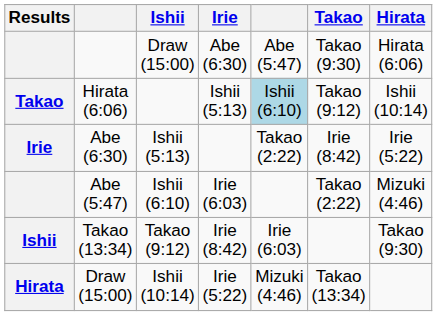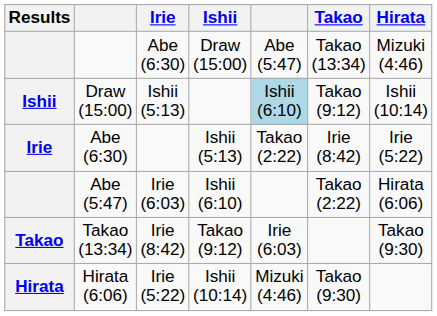 <table class="wikitable" style="text-align:center; margin: 1em auto 1em auto">
 <tr align="center">
 <th>Results</th>
 <th></th>
+<th><a href='#'>Irie</a></th>
 <th><a href='#'>Ishii</a></th>
-<th><a href='#'>Irie</a></th>
 <th></th>
 <th><a href='#'>Takao</a></th>
 <th><a href='#'>Hirata</a></th>
 </tr>
 <tr align="center">
 <th></th>
 <td></td>
+<td>Abe<br>(6:30)</td>
 <td>Draw<br>(15:00)</td>
-<td>Abe<br>(6:30)</td>
 <td>Abe<br>(5:47)</td>
-<td>Takao<br>(9:30)</td>
-<td>Hirata<br>(6:06)</td>
+<td>Takao<br>(13:34)</td>
+<td>Mizuki<br>(4:46)</td>
 </tr>
 <tr align="center">
-<th><a href='#'>Takao</a></th>
-<td>Hirata<br>(6:06)</td>
+<th><a href='#'>Ishii</a></th>
+<td>Draw<br>(15:00)</td>
+<td>Ishii<br>(5:13)</td>
 <td></td>
-<td>Ishii<br>(5:13)</td>
 <td style="background: lightblue;">Ishii<br>(6:10)</td>
 <td>Takao<br>(9:12)</td>
 <td>Ishii<br>(10:14)</td>
 </tr>
 <tr align="center">
 <th><a href='#'>Irie</a></th>
 <td>Abe<br>(6:30)</td>
+<td></td>
 <td>Ishii<br>(5:13)</td>
-<td></td>
 <td>Takao<br>(2:22)</td>
 <td>Irie<br>(8:42)</td>
 <td>Irie<br>(5:22)</td>
 </tr>
 <tr align="center">
 <th></th>
 <td>Abe<br>(5:47)</td>
+<td>Irie<br>(6:03)</td>
 <td>Ishii<br>(6:10)</td>
-<td>Irie<br>(6:03)</td>
 <td></td>
 <td>Takao<br>(2:22)</td>
-<td>Mizuki<br>(4:46)</td>
+<td>Hirata<br>(6:06)</td>
 </tr>
 <tr align="center">
-<th><a href='#'>Ishii</a></th>
+<th><a href='#'>Takao</a></th>
 <td>Takao<br>(13:34)</td>
+<td>Irie<br>(8:42)</td>
 <td>Takao<br>(9:12)</td>
-<td>Irie<br>(8:42)</td>
 <td>Irie<br>(6:03)</td>
 <td></td>
 <td>Takao<br>(9:30)</td>
 </tr>
 <tr align="center">
 <th><a href='#'>Hirata</a></th>
-<td>Draw<br>(15:00)</td>
+<td>Hirata<br>(6:06)</td>
+<td>Irie<br>(5:22)</td>
 <td>Ishii<br>(10:14)</td>
-<td>Irie<br>(5:22)</td>
 <td>Mizuki<br>(4:46)</td>
-<td>Takao<br>(13:34)</td>
+<td>Takao<br>(9:30)</td>
 <td></td>
 </tr>
 </table>
